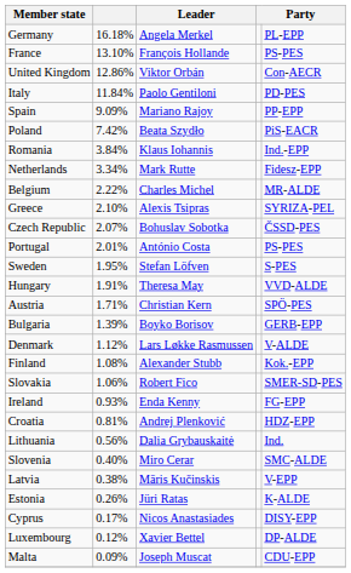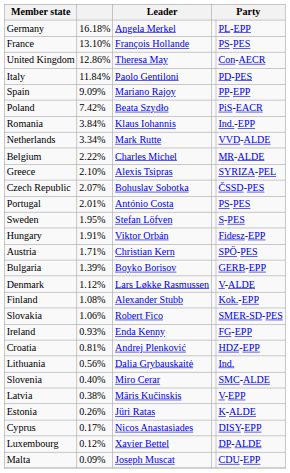 <table class="wikitable">
 <tr>
 <th>Member state</th>
 <th></th>
 <th>Leader</th>
 <th colspan=2>Party</th>
 </tr>
 <tr>
 <td>Germany</td>
 <td>16.18%</td>
 <td><a href='#'>Angela Merkel</a></td>
 <td style="background-color:"></td>
 <td><a href='#'>PL</a>-<a href='#'>EPP</a></td>
 </tr>
 <tr>
 <td>France</td>
 <td>13.10%</td>
 <td><a href='#'>François Hollande</a></td>
 <td style="background-color:"></td>
 <td><a href='#'>PS</a>-<a href='#'>PES</a></td>
 </tr>
 <tr>
 <td>United Kingdom</td>
 <td>12.86%</td>
-<td><a href='#'>Viktor Orbán</a></td>
+<td><a href='#'>Theresa May</a></td>
 <td style="background-color:"></td>
 <td><a href='#'>Con</a>-<a href='#'>AECR</a></td>
 </tr>
 <tr>
 <td>Italy</td>
 <td>11.84%</td>
 <td><a href='#'>Paolo Gentiloni</a></td>
 <td style="background-color:"></td>
 <td><a href='#'>PD</a>-<a href='#'>PES</a></td>
 </tr>
 <tr>
 <td>Spain</td>
 <td>9.09%</td>
 <td><a href='#'>Mariano Rajoy</a></td>
 <td style="background-color:"></td>
 <td><a href='#'>PP</a>-<a href='#'>EPP</a></td>
 </tr>
 <tr>
 <td>Poland</td>
 <td>7.42%</td>
 <td><a href='#'>Beata Szydło</a></td>
 <td style="background-color:"></td>
 <td><a href='#'>PiS</a>-<a href='#'>EACR</a></td>
 </tr>
 <tr>
 <td>Romania</td>
 <td>3.84%</td>
 <td><a href='#'>Klaus Iohannis</a></td>
 <td style="background-color:"></td>
 <td><a href='#'>Ind.</a>-<a href='#'>EPP</a></td>
 </tr>
 <tr>
 <td>Netherlands</td>
 <td>3.34%</td>
 <td><a href='#'>Mark Rutte</a></td>
 <td style="background-color:"></td>
-<td><a href='#'>Fidesz</a>-<a href='#'>EPP</a></td>
+<td><a href='#'>VVD</a>-<a href='#'>ALDE</a></td>
 </tr>
 <tr>
 <td>Belgium</td>
 <td>2.22%</td>
 <td><a href='#'>Charles Michel</a></td>
 <td style="background-color:"></td>
 <td><a href='#'>MR</a>-<a href='#'>ALDE</a></td>
 </tr>
 <tr>
 <td>Greece</td>
 <td>2.10%</td>
 <td><a href='#'>Alexis Tsipras</a></td>
 <td style="background-color:"></td>
 <td><a href='#'>SYRIZA</a>-<a href='#'>PEL</a></td>
 </tr>
 <tr>
 <td>Czech Republic</td>
 <td>2.07%</td>
 <td><a href='#'>Bohuslav Sobotka</a></td>
 <td style="background-color:"></td>
 <td><a href='#'>ČSSD</a>-<a href='#'>PES</a></td>
 </tr>
 <tr>
 <td>Portugal</td>
 <td>2.01%</td>
 <td><a href='#'>António Costa</a></td>
 <td style="background-color:"></td>
 <td><a href='#'>PS</a>-<a href='#'>PES</a></td>
 </tr>
 <tr>
 <td>Sweden</td>
 <td>1.95%</td>
 <td><a href='#'>Stefan Löfven</a></td>
 <td style="background-color:"></td>
 <td><a href='#'>S</a>-<a href='#'>PES</a></td>
 </tr>
 <tr>
 <td>Hungary</td>
 <td>1.91%</td>
-<td><a href='#'>Theresa May</a></td>
+<td><a href='#'>Viktor Orbán</a></td>
 <td style="background-color:"></td>
-<td><a href='#'>VVD</a>-<a href='#'>ALDE</a></td>
+<td><a href='#'>Fidesz</a>-<a href='#'>EPP</a></td>
 </tr>
 <tr>
 <td>Austria</td>
 <td>1.71%</td>
 <td><a href='#'>Christian Kern</a></td>
 <td style="background-color:"></td>
 <td><a href='#'>SPÖ</a>-<a href='#'>PES</a></td>
 </tr>
 <tr>
 <td>Bulgaria</td>
 <td>1.39%</td>
 <td><a href='#'>Boyko Borisov</a></td>
 <td style="background-color:"></td>
 <td><a href='#'>GERB</a>-<a href='#'>EPP</a></td>
 </tr>
 <tr>
 <td>Denmark</td>
 <td>1.12%</td>
 <td><a href='#'>Lars Løkke Rasmussen</a></td>
 <td style="background-color:"></td>
 <td><a href='#'>V</a>-<a href='#'>ALDE</a></td>
 </tr>
 <tr>
 <td>Finland</td>
 <td>1.08%</td>
 <td><a href='#'>Alexander Stubb</a></td>
 <td style="background-color:"></td>
 <td><a href='#'>Kok.</a>-<a href='#'>EPP</a></td>
 </tr>
 <tr>
 <td>Slovakia</td>
 <td>1.06%</td>
 <td><a href='#'>Robert Fico</a></td>
 <td style="background-color:"></td>
 <td><a href='#'>SMER-SD</a>-<a href='#'>PES</a></td>
 </tr>
 <tr>
 <td>Ireland</td>
 <td>0.93%</td>
 <td><a href='#'>Enda Kenny</a></td>
 <td style="background-color:"></td>
 <td><a href='#'>FG</a>-<a href='#'>EPP</a></td>
 </tr>
 <tr>
 <td>Croatia</td>
 <td>0.81%</td>
 <td><a href='#'>Andrej Plenković</a></td>
 <td style="background-color:"></td>
 <td><a href='#'>HDZ</a>-<a href='#'>EPP</a></td>
 </tr>
 <tr>
 <td>Lithuania</td>
 <td>0.56%</td>
 <td><a href='#'>Dalia Grybauskaitė</a></td>
 <td style="background-color:"></td>
 <td><a href='#'>Ind.</a></td>
 </tr>
 <tr>
 <td>Slovenia</td>
 <td>0.40%</td>
 <td><a href='#'>Miro Cerar</a></td>
 <td style="background-color:"></td>
 <td><a href='#'>SMC</a>-<a href='#'>ALDE</a></td>
 </tr>
 <tr>
 <td>Latvia</td>
 <td>0.38%</td>
 <td><a href='#'>Māris Kučinskis</a></td>
 <td style="background-color:"></td>
 <td><a href='#'>V</a>-<a href='#'>EPP</a></td>
 </tr>
 <tr>
 <td>Estonia</td>
 <td>0.26%</td>
 <td><a href='#'>Jüri Ratas</a></td>
 <td style="background-color:"></td>
 <td><a href='#'>K</a>-<a href='#'>ALDE</a></td>
 </tr>
 <tr>
 <td>Cyprus</td>
 <td>0.17%</td>
 <td><a href='#'>Nicos Anastasiades</a></td>
 <td style="background-color:"></td>
 <td><a href='#'>DISY</a>-<a href='#'>EPP</a></td>
 </tr>
 <tr>
 <td>Luxembourg</td>
 <td>0.12%</td>
 <td><a href='#'>Xavier Bettel</a></td>
 <td style="background-color:"></td>
 <td><a href='#'>DP</a>-<a href='#'>ALDE</a></td>
 </tr>
 <tr>
 <td>Malta</td>
 <td>0.09%</td>
 <td><a href='#'>Joseph Muscat</a></td>
 <td style="background-color:"></td>
 <td><a href='#'>CDU</a>-<a href='#'>EPP</a></td>
 </tr>
 <tr>
 </tr>
 </table>
